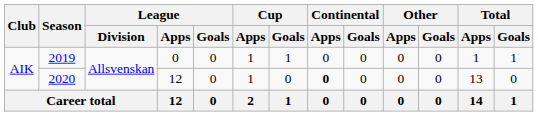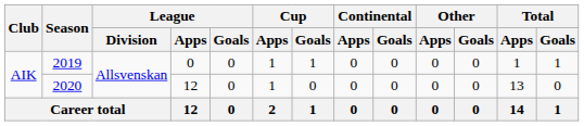 <table class="wikitable" style="text-align: center">
 <tr>
 <th rowspan="2">Club</th>
 <th rowspan="2">Season</th>
 <th colspan="3">League</th>
 <th colspan="2">Cup</th>
 <th colspan="2">Continental</th>
 <th colspan="2">Other</th>
 <th colspan="2">Total</th>
 </tr>
 <tr>
 <th>Division</th>
 <th>Apps</th>
 <th>Goals</th>
 <th>Apps</th>
 <th>Goals</th>
 <th>Apps</th>
 <th>Goals</th>
 <th>Apps</th>
 <th>Goals</th>
 <th>Apps</th>
 <th>Goals</th>
 </tr>
 <tr>
 <td rowspan="2"><a href='#'>AIK</a></td>
 <td><a href='#'>2019</a></td>
 <td rowspan="2"><a href='#'>Allsvenskan</a></td>
 <td>0</td>
 <td>0</td>
 <td>1</td>
 <td>1</td>
 <td>0</td>
 <td>0</td>
 <td>0</td>
 <td>0</td>
 <td>1</td>
 <td>1</td>
 </tr>
 <tr>
 <td><a href='#'>2020</a></td>
 <td>12</td>
 <td>0</td>
 <td>1</td>
 <td>0</td>
-<td><strong>0</strong></td>
+<td>0</td>
 <td>0</td>
 <td>0</td>
 <td>0</td>
 <td>13</td>
 <td>0</td>
 </tr>
 <tr>
 <th colspan=3>Career total</th>
 <th>12</th>
 <th>0</th>
 <th>2</th>
 <th>1</th>
 <th>0</th>
 <th>0</th>
 <th>0</th>
 <th>0</th>
 <th>14</th>
 <th>1</th>
 </tr>
 </table>
